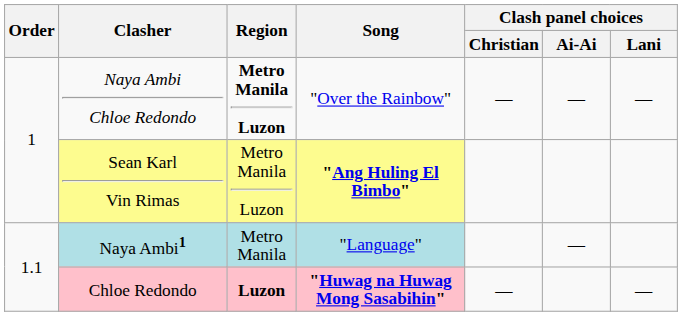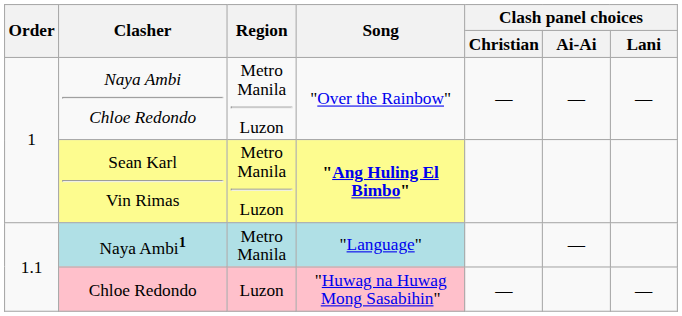 <table class="wikitable" style="text-align:center; line-height:17px; width:100%;">
 <tr>
 <th rowspan="2" width="5%">Order</th>
 <th rowspan="2" width="25%">Clasher</th>
 <th rowspan="2">Region</th>
 <th rowspan="2" width="25%">Song</th>
 <th colspan="3" width="30%">Clash panel choices</th>
 </tr>
 <tr>
 <th width="10%">Christian</th>
 <th width="10%">Ai-Ai</th>
 <th width="10%">Lani</th>
 </tr>
 <tr>
 <td rowspan="2">1</td>
 <td><em>Naya Ambi</em><hr><em>Chloe Redondo</em></td>
-<td><strong>Metro Manila<hr>Luzon</strong></td>
+<td>Metro Manila<hr>Luzon</td>
 <td>"<a href='#'>Over the Rainbow</a>"</td>
 <td>—</td>
 <td>—</td>
 <td>—</td>
 </tr>
 <tr>
 <td style="background:#fdfc8f;">Sean Karl<hr>Vin Rimas</td>
 <td style="background:#fdfc8f;">Metro Manila<hr>Luzon</td>
 <td style="background:#fdfc8f;"><strong>"<a href='#'>Ang Huling El Bimbo</a>"</strong></td>
 <td><strong></strong></td>
 <td><strong></strong></td>
 <td><strong></strong></td>
 </tr>
 <tr>
 <td rowspan="2">1.1</td>
 <td style="background:#b0e0e6;">Naya Ambi<sup><strong>1</strong></sup></td>
 <td style="background:#b0e0e6;">Metro Manila</td>
 <td style="background:#b0e0e6;">"<a href='#'>Language</a>"</td>
 <td><strong></strong></td>
 <td>—</td>
 <td><strong></strong></td>
 </tr>
 <tr>
 <td style="background:pink;">Chloe Redondo</td>
-<td style="background:pink;"><strong>Luzon</strong></td>
-<td style="background:pink;"><strong>"<a href='#'>Huwag na Huwag Mong Sasabihin</a>"</strong></td>
+<td style="background:pink;">Luzon</td>
+<td style="background:pink;">"<a href='#'>Huwag na Huwag Mong Sasabihin</a>"</td>
 <td>—</td>
 <td><strong></strong></td>
 <td>—</td>
 </tr>
 </table>
